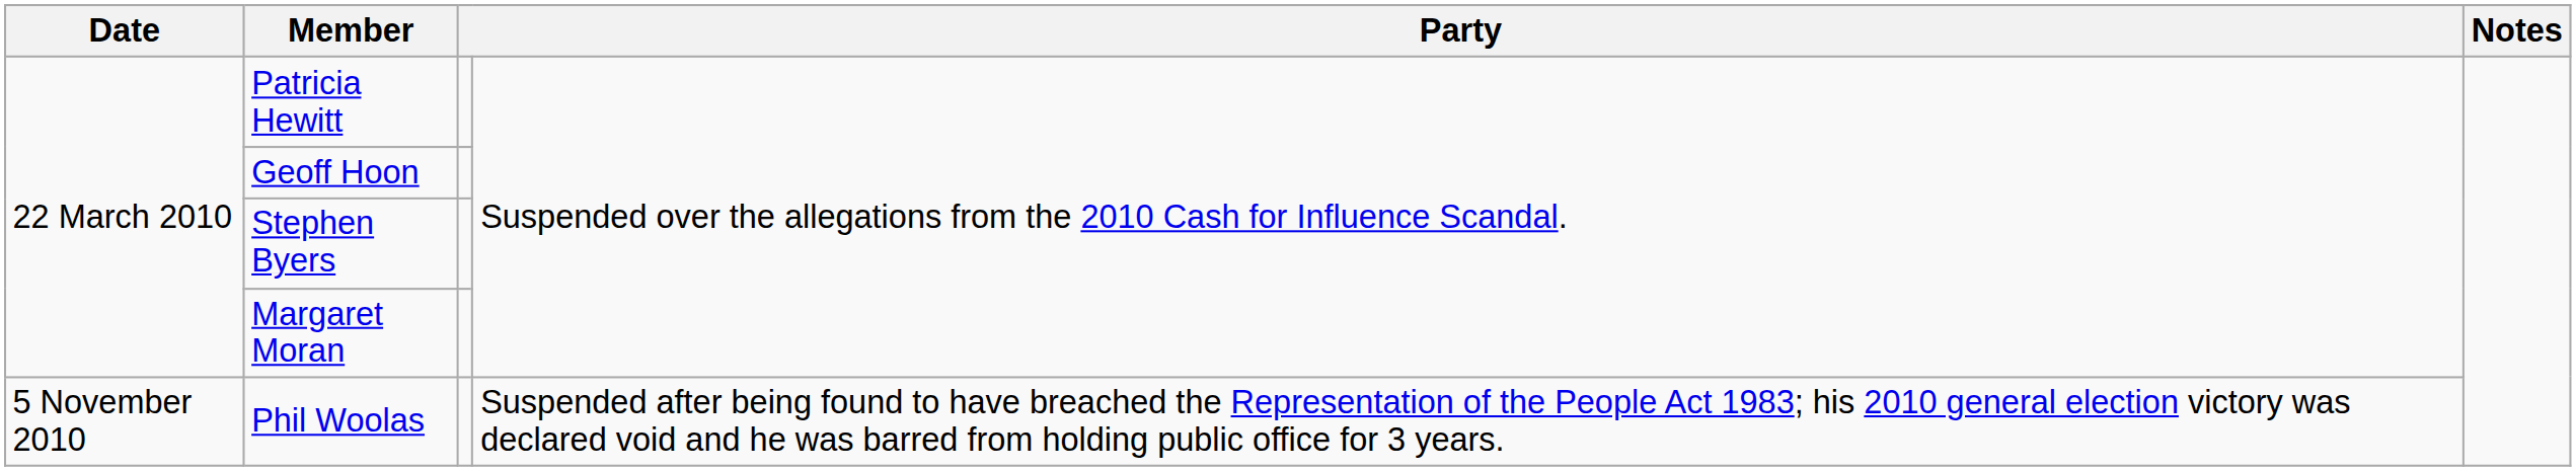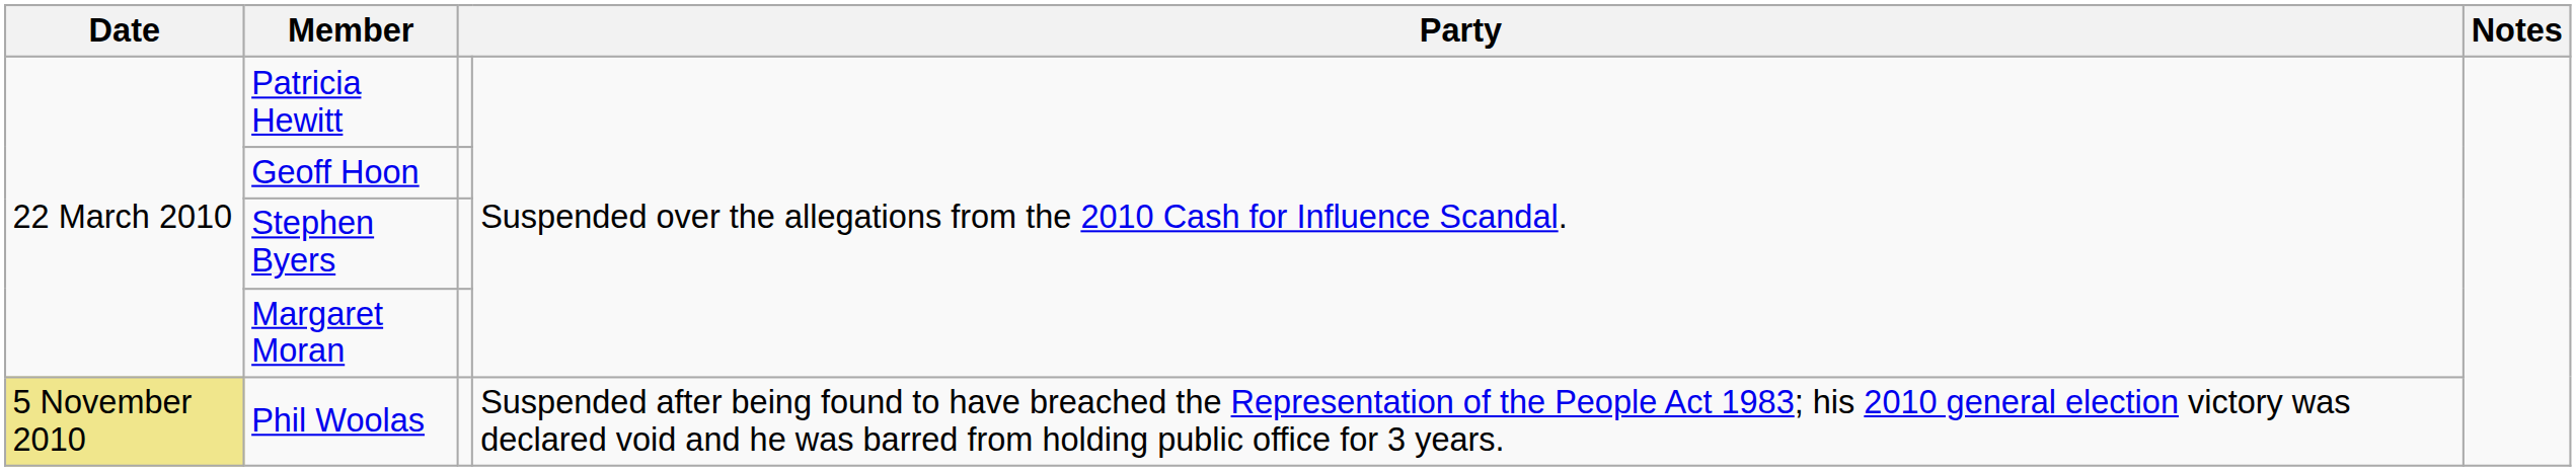 <table class="wikitable">
 <tr style="background:#ccc;">
 <th>Date</th>
 <th>Member</th>
 <th colspan=2>Party</th>
 <th>Notes</th>
 </tr>
 <tr>
 <td rowspan="4">22 March 2010</td>
 <td><a href='#'>Patricia Hewitt</a></td>
 <td></td>
 <td rowspan="4">Suspended over the allegations from the <a href='#'>2010 Cash for Influence Scandal</a>.</td>
 </tr>
 <tr>
 <td><a href='#'>Geoff Hoon</a></td>
 <td></td>
 </tr>
 <tr>
 <td><a href='#'>Stephen Byers</a></td>
 <td></td>
 </tr>
 <tr>
 <td><a href='#'>Margaret Moran</a></td>
 <td></td>
 </tr>
 <tr>
-<td>5 November 2010</td>
+<td style="background: khaki;">5 November 2010</td>
 <td><a href='#'>Phil Woolas</a></td>
 <td></td>
 <td>Suspended after being found to have breached the <a href='#'>Representation of the People Act 1983</a>; his <a href='#'>2010 general election</a> victory was declared void and he was barred from holding public office for 3 years.</td>
 </tr>
 </table>
